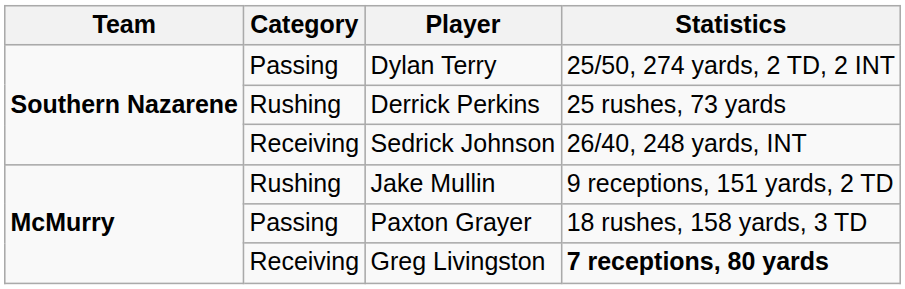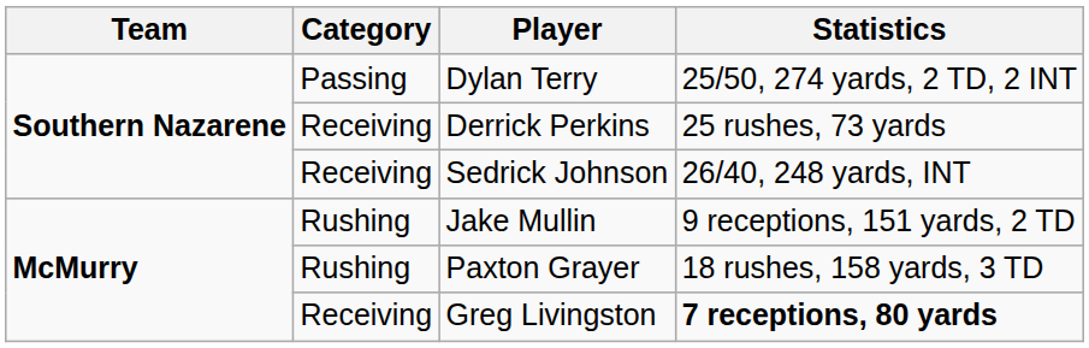 <table class="wikitable" style="float: left;">
 <tr>
 <th>Team</th>
 <th>Category</th>
 <th>Player</th>
 <th>Statistics</th>
 </tr>
 <tr>
 <td rowspan=3><strong>Southern Nazarene</strong></td>
 <td>Passing</td>
 <td>Dylan Terry</td>
 <td>25/50, 274 yards, 2 TD, 2 INT</td>
 </tr>
 <tr>
-<td>Rushing</td>
+<td>Receiving</td>
 <td>Derrick Perkins</td>
 <td>25 rushes, 73 yards</td>
 </tr>
 <tr>
 <td>Receiving</td>
 <td>Sedrick Johnson</td>
 <td>26/40, 248 yards, INT</td>
 </tr>
 <tr>
 <td rowspan=3><strong>McMurry</strong></td>
 <td>Rushing</td>
 <td>Jake Mullin</td>
 <td>9 receptions, 151 yards, 2 TD</td>
 </tr>
 <tr>
-<td>Passing</td>
+<td>Rushing</td>
 <td>Paxton Grayer</td>
 <td>18 rushes, 158 yards, 3 TD</td>
 </tr>
 <tr>
 <td>Receiving</td>
 <td>Greg Livingston</td>
 <td><strong>7 receptions, 80 yards</strong></td>
 </tr>
 </table>
